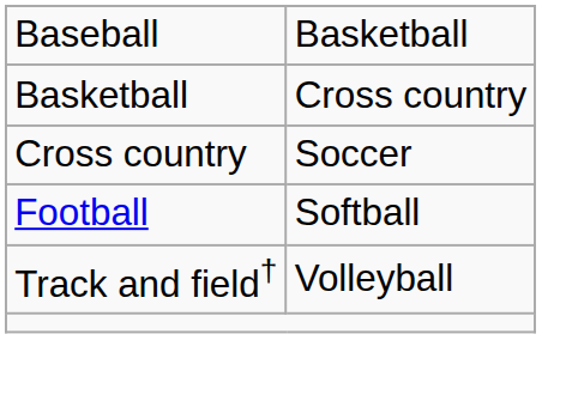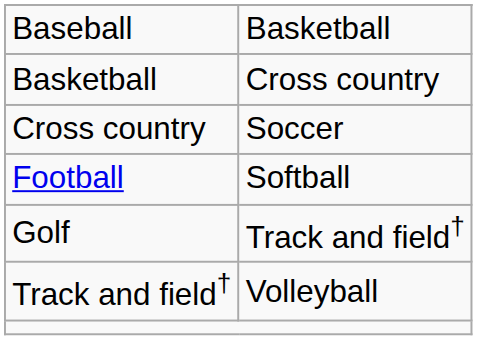 <table class="wikitable">
 <tr>
 </tr>
 <tr>
 <td>Baseball</td>
 <td>Basketball</td>
 </tr>
 <tr>
 <td>Basketball</td>
 <td>Cross country</td>
 </tr>
 <tr>
 <td>Cross country</td>
 <td>Soccer</td>
 </tr>
 <tr>
 <td><a href='#'>Football</a></td>
 <td>Softball</td>
 </tr>
 <tr>
+<td>Golf</td>
+<td>Track and field<sup>†</sup></td>
+</tr>
+<tr>
 <td>Track and field<sup>†</sup></td>
 <td>Volleyball</td>
 </tr>
 <tr>
 <td colspan="2"></td>
 </tr>
 </table>
